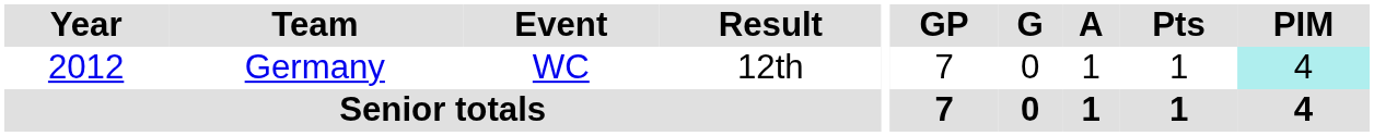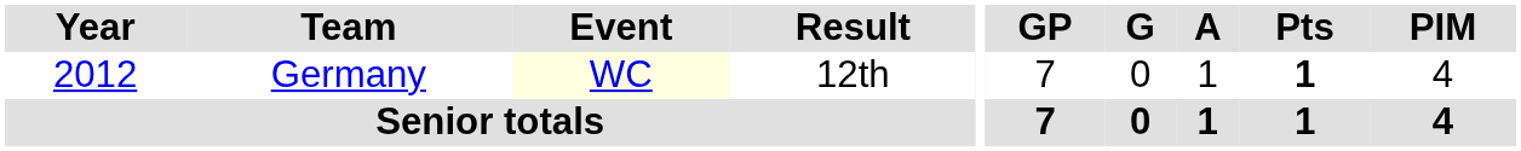 <table border="0" cellpadding="1" cellspacing="0" ID="Table3" style="text-align:center; width:40em">
 <tr ALIGN="center" bgcolor="#e0e0e0">
 <th>Year</th>
 <th>Team</th>
 <th>Event</th>
 <th>Result</th>
 <th rowspan="99" bgcolor="#ffffff"></th>
 <th>GP</th>
 <th>G</th>
 <th>A</th>
 <th>Pts</th>
 <th>PIM</th>
 </tr>
 <tr style="text-align:center;">
 <td><a href='#'>2012</a></td>
 <td><a href='#'>Germany</a></td>
-<td><a href='#'>WC</a></td>
+<td style="background: lightyellow;"><a href='#'>WC</a></td>
 <td>12th</td>
 <td>7</td>
 <td>0</td>
 <td>1</td>
-<td>1</td>
-<td style="background: paleturquoise;">4</td>
+<td><strong>1</strong></td>
+<td>4</td>
 </tr>
 <tr style="background:#e0e0e0;">
 <th colspan="4">Senior totals</th>
 <th>7</th>
 <th>0</th>
 <th>1</th>
 <th>1</th>
 <th>4</th>
 </tr>
 </table>
